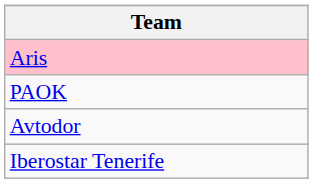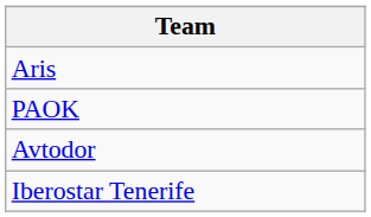 <table class="wikitable" style="width:14em;float:left; margin-right:0.5em">
 <tr>
 </tr>
 <tr>
 <th>Team</th>
 </tr>
 <tr>
-<td style="background: pink;"> <a href='#'>Aris</a></td>
+<td> <a href='#'>Aris</a></td>
 </tr>
 <tr>
 <td> <a href='#'>PAOK</a></td>
 </tr>
 <tr>
 <td> <a href='#'>Avtodor</a></td>
 </tr>
 <tr>
 <td> <a href='#'>Iberostar Tenerife</a></td>
 </tr>
 </table>
